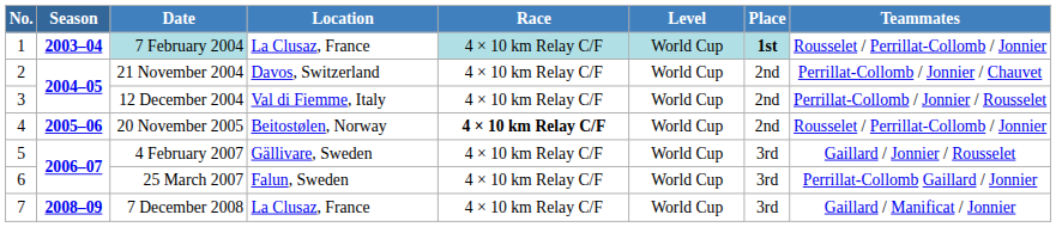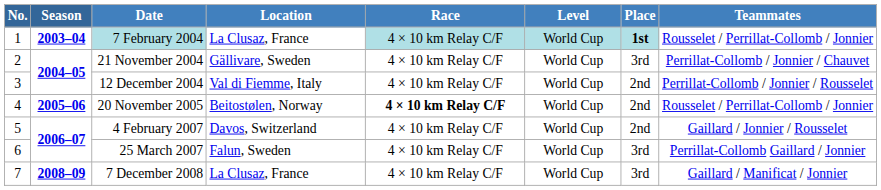 <table class="wikitable sortable" style="font-size:95%; text-align:center; border:grey solid 1px; border-collapse:collapse; background:#ffffff;">
 <tr style="background:#efefef;">
 <th style="background-color:#369; color:white;">No.</th>
 <th style="background-color:#369; color:white;">Season</th>
 <th style="background-color:#4180be; color:white; width:120px;">Date</th>
 <th style="background-color:#4180be; color:white; width:170px;">Location</th>
 <th style="background-color:#4180be; color:white; width:170px;">Race</th>
 <th style="background-color:#4180be; color:white; width:100px;">Level</th>
 <th style="background-color:#4180be; color:white;">Place</th>
 <th style="background-color:#4180be; color:white;">Teammates</th>
 </tr>
 <tr>
 <td align=center>1</td>
 <td rowspan=1 align=center><strong><a href='#'>2003–04</a></strong></td>
 <td bgcolor="#BOEOE6" align=right>7 February 2004</td>
 <td align=left> <a href='#'>La Clusaz</a>, France</td>
 <td bgcolor="#BOEOE6">4 × 10 km Relay C/F</td>
 <td bgcolor="#BOEOE6">World Cup</td>
 <td bgcolor="#BOEOE6"><strong>1st</strong></td>
 <td><a href='#'>Rousselet</a> / <a href='#'>Perrillat-Collomb</a> / <a href='#'>Jonnier</a></td>
 </tr>
 <tr>
 <td align=center>2</td>
 <td rowspan=2 align=center><strong> <a href='#'>2004–05</a> </strong></td>
 <td align=right>21 November 2004</td>
-<td align=left> <a href='#'>Davos</a>, Switzerland</td>
+<td align=left> <a href='#'>Gällivare</a>, Sweden</td>
 <td>4 × 10 km Relay C/F</td>
 <td>World Cup</td>
-<td>2nd</td>
+<td>3rd</td>
 <td><a href='#'>Perrillat-Collomb</a> / <a href='#'>Jonnier</a> / <a href='#'>Chauvet</a></td>
 </tr>
 <tr>
 <td align=center>3</td>
 <td align=right>12 December 2004</td>
 <td align=left> <a href='#'>Val di Fiemme</a>, Italy</td>
 <td>4 × 10 km Relay C/F</td>
 <td>World Cup</td>
 <td>2nd</td>
 <td><a href='#'>Perrillat-Collomb</a> / <a href='#'>Jonnier</a> / <a href='#'>Rousselet</a></td>
 </tr>
 <tr>
 <td align=center>4</td>
 <td rowspan=1 align=center><strong> <a href='#'>2005–06</a> </strong></td>
 <td align=right>20 November 2005</td>
 <td align=left> <a href='#'>Beitostølen</a>, Norway</td>
 <td><strong>4 × 10 km Relay C/F</strong></td>
 <td>World Cup</td>
 <td>2nd</td>
 <td><a href='#'>Rousselet</a> / <a href='#'>Perrillat-Collomb</a> / <a href='#'>Jonnier</a></td>
 </tr>
 <tr>
 <td align=center>5</td>
 <td rowspan=2 align=center><strong> <a href='#'>2006–07</a> </strong></td>
 <td align=right>4 February 2007</td>
-<td align=left> <a href='#'>Gällivare</a>, Sweden</td>
+<td align=left> <a href='#'>Davos</a>, Switzerland</td>
 <td>4 × 10 km Relay C/F</td>
 <td>World Cup</td>
-<td>3rd</td>
+<td>2nd</td>
 <td><a href='#'>Gaillard</a> / <a href='#'>Jonnier</a> / <a href='#'>Rousselet</a></td>
 </tr>
 <tr>
 <td align=center>6</td>
 <td align=right>25 March 2007</td>
 <td align=left> <a href='#'>Falun</a>, Sweden</td>
 <td>4 × 10 km Relay C/F</td>
 <td>World Cup</td>
 <td>3rd</td>
 <td><a href='#'>Perrillat-Collomb</a>  <a href='#'>Gaillard</a> / <a href='#'>Jonnier</a></td>
 </tr>
 <tr>
 <td align=center>7</td>
 <td rowspan=1 align=center><strong> <a href='#'>2008–09</a> </strong></td>
 <td align=right>7 December 2008</td>
 <td align=left> <a href='#'>La Clusaz</a>, France</td>
 <td>4 × 10 km Relay C/F</td>
 <td>World Cup</td>
 <td>3rd</td>
 <td><a href='#'>Gaillard</a> / <a href='#'>Manificat</a> / <a href='#'>Jonnier</a></td>
 </tr>
 </table>
